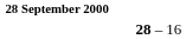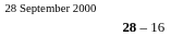 <table style="text-align:center" width=400>
 <tr>
 <th width=15%></th>
 <th width=10%></th>
 <th width=15%></th>
 <th width=10%></th>
 </tr>
 <tr align="left">
-<td><strong><small>28 September 2000</small></strong></td>
+<td><small>28 September 2000</small></td>
 </tr>
 <tr>
 <td align="right"><strong></strong></td>
 <td><strong>28</strong> – 16</td>
 <td align="left"><strong></strong></td>
 <td></td>
 </tr>
 </table>
